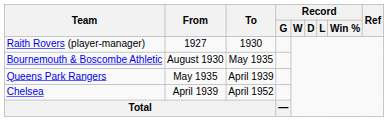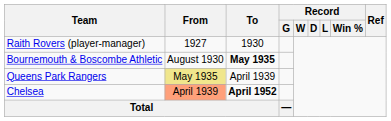 <table class="wikitable" style="text-align: center">
 <tr>
 <th rowspan="2">Team</th>
 <th rowspan="2">From</th>
 <th rowspan="2">To</th>
 <th colspan="5">Record</th>
 <th rowspan="2">Ref</th>
 </tr>
 <tr>
 <th>G</th>
 <th>W</th>
 <th>D</th>
 <th>L</th>
 <th>Win %</th>
 </tr>
 <tr>
 <td align="left"><a href='#'>Raith Rovers</a> (player-manager)</td>
 <td>1927</td>
 <td>1930<br></td>
 <td></td>
 </tr>
 <tr>
 <td align="left"><a href='#'>Bournemouth & Boscombe Athletic</a></td>
 <td>August 1930</td>
-<td>May 1935<br></td>
+<td><strong>May 1935<br></strong></td>
 <td></td>
 </tr>
 <tr>
 <td align="left"><a href='#'>Queens Park Rangers</a></td>
-<td>May 1935</td>
+<td style="background: khaki;">May 1935</td>
 <td>April 1939<br></td>
 <td></td>
 </tr>
 <tr>
 <td align="left"><a href='#'>Chelsea</a></td>
-<td>April 1939</td>
-<td>April 1952<br></td>
+<td style="background: lightsalmon;">April 1939</td>
+<td><strong>April 1952<br></strong></td>
 <td></td>
 </tr>
 <tr>
 <th colspan="3">Total<br></th>
 <th>—</th>
 </tr>
 </table>
